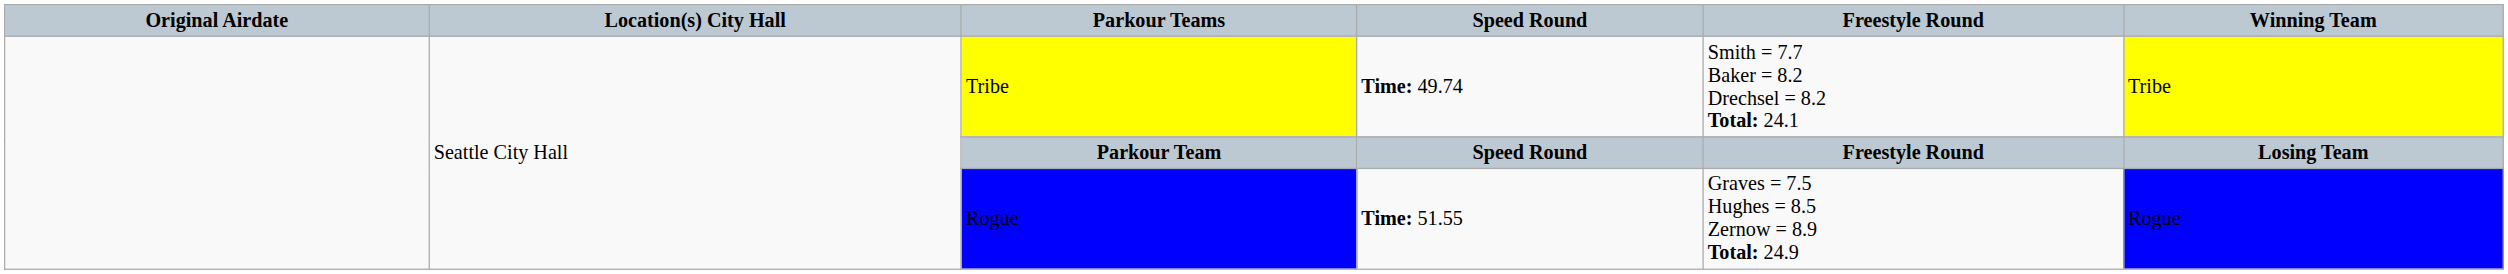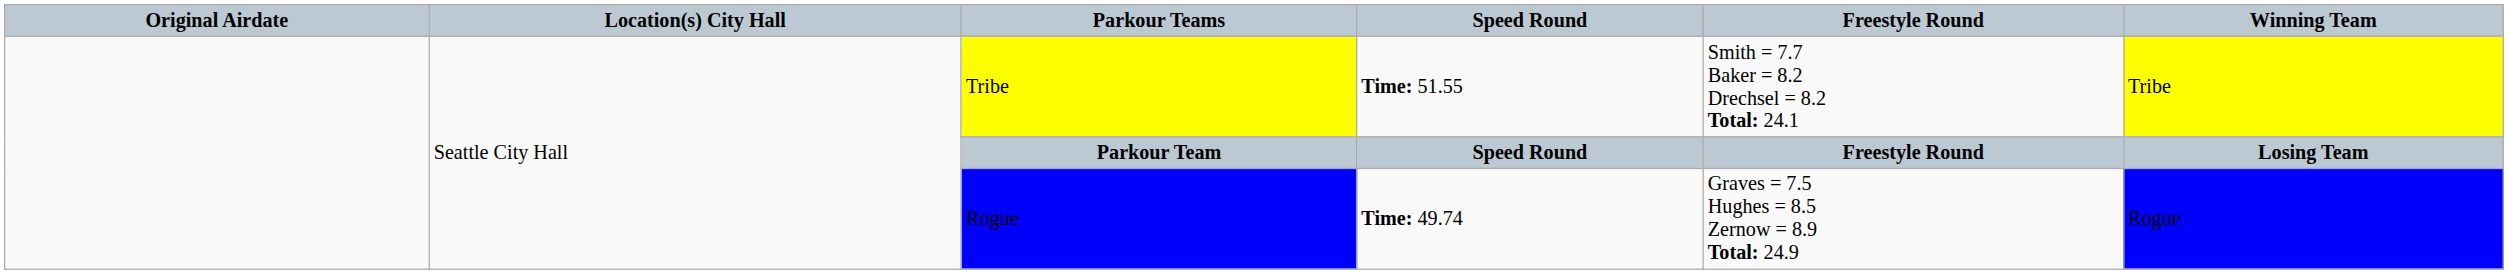 <table class="wikitable" style="margin: auto; width: 100%">
 <tr style="background:#BCC9D2; color:black">
 <th style="background-color: #BCC9D2;">Original Airdate</th>
 <th style="background-color: #BCC9D2;">Location(s) City Hall</th>
 <th style="background-color: #BCC9D2;">Parkour Teams</th>
 <th style="background-color: #BCC9D2;">Speed Round</th>
 <th style="background-color: #BCC9D2;">Freestyle Round</th>
 <th style="background-color: #BCC9D2;">Winning Team</th>
 </tr>
 <tr>
 <td rowspan="3"></td>
 <td rowspan="3">Seattle City Hall</td>
 <td bgcolor="yellow"><span>Tribe</span></td>
-<td><strong>Time:</strong> 49.74</td>
+<td><strong>Time:</strong> 51.55</td>
 <td>Smith = 7.7<br>Baker = 8.2<br>Drechsel = 8.2<br><strong>Total:</strong> 24.1</td>
 <td bgcolor="yellow"><span>Tribe</span></td>
 </tr>
 <tr>
 <th style="background-color: #BCC9D2;">Parkour Team</th>
 <th style="background-color: #BCC9D2;">Speed Round</th>
 <th style="background-color: #BCC9D2;">Freestyle Round</th>
 <th style="background-color: #BCC9D2;">Losing Team</th>
 </tr>
 <tr>
 <td bgcolor="blue"><span>Rogue</span></td>
-<td><strong>Time:</strong> 51.55</td>
+<td><strong>Time:</strong> 49.74</td>
 <td>Graves = 7.5<br>Hughes = 8.5<br>Zernow = 8.9<br><strong>Total:</strong> 24.9</td>
 <td bgcolor="blue"><span>Rogue</span></td>
 </tr>
 </table>
